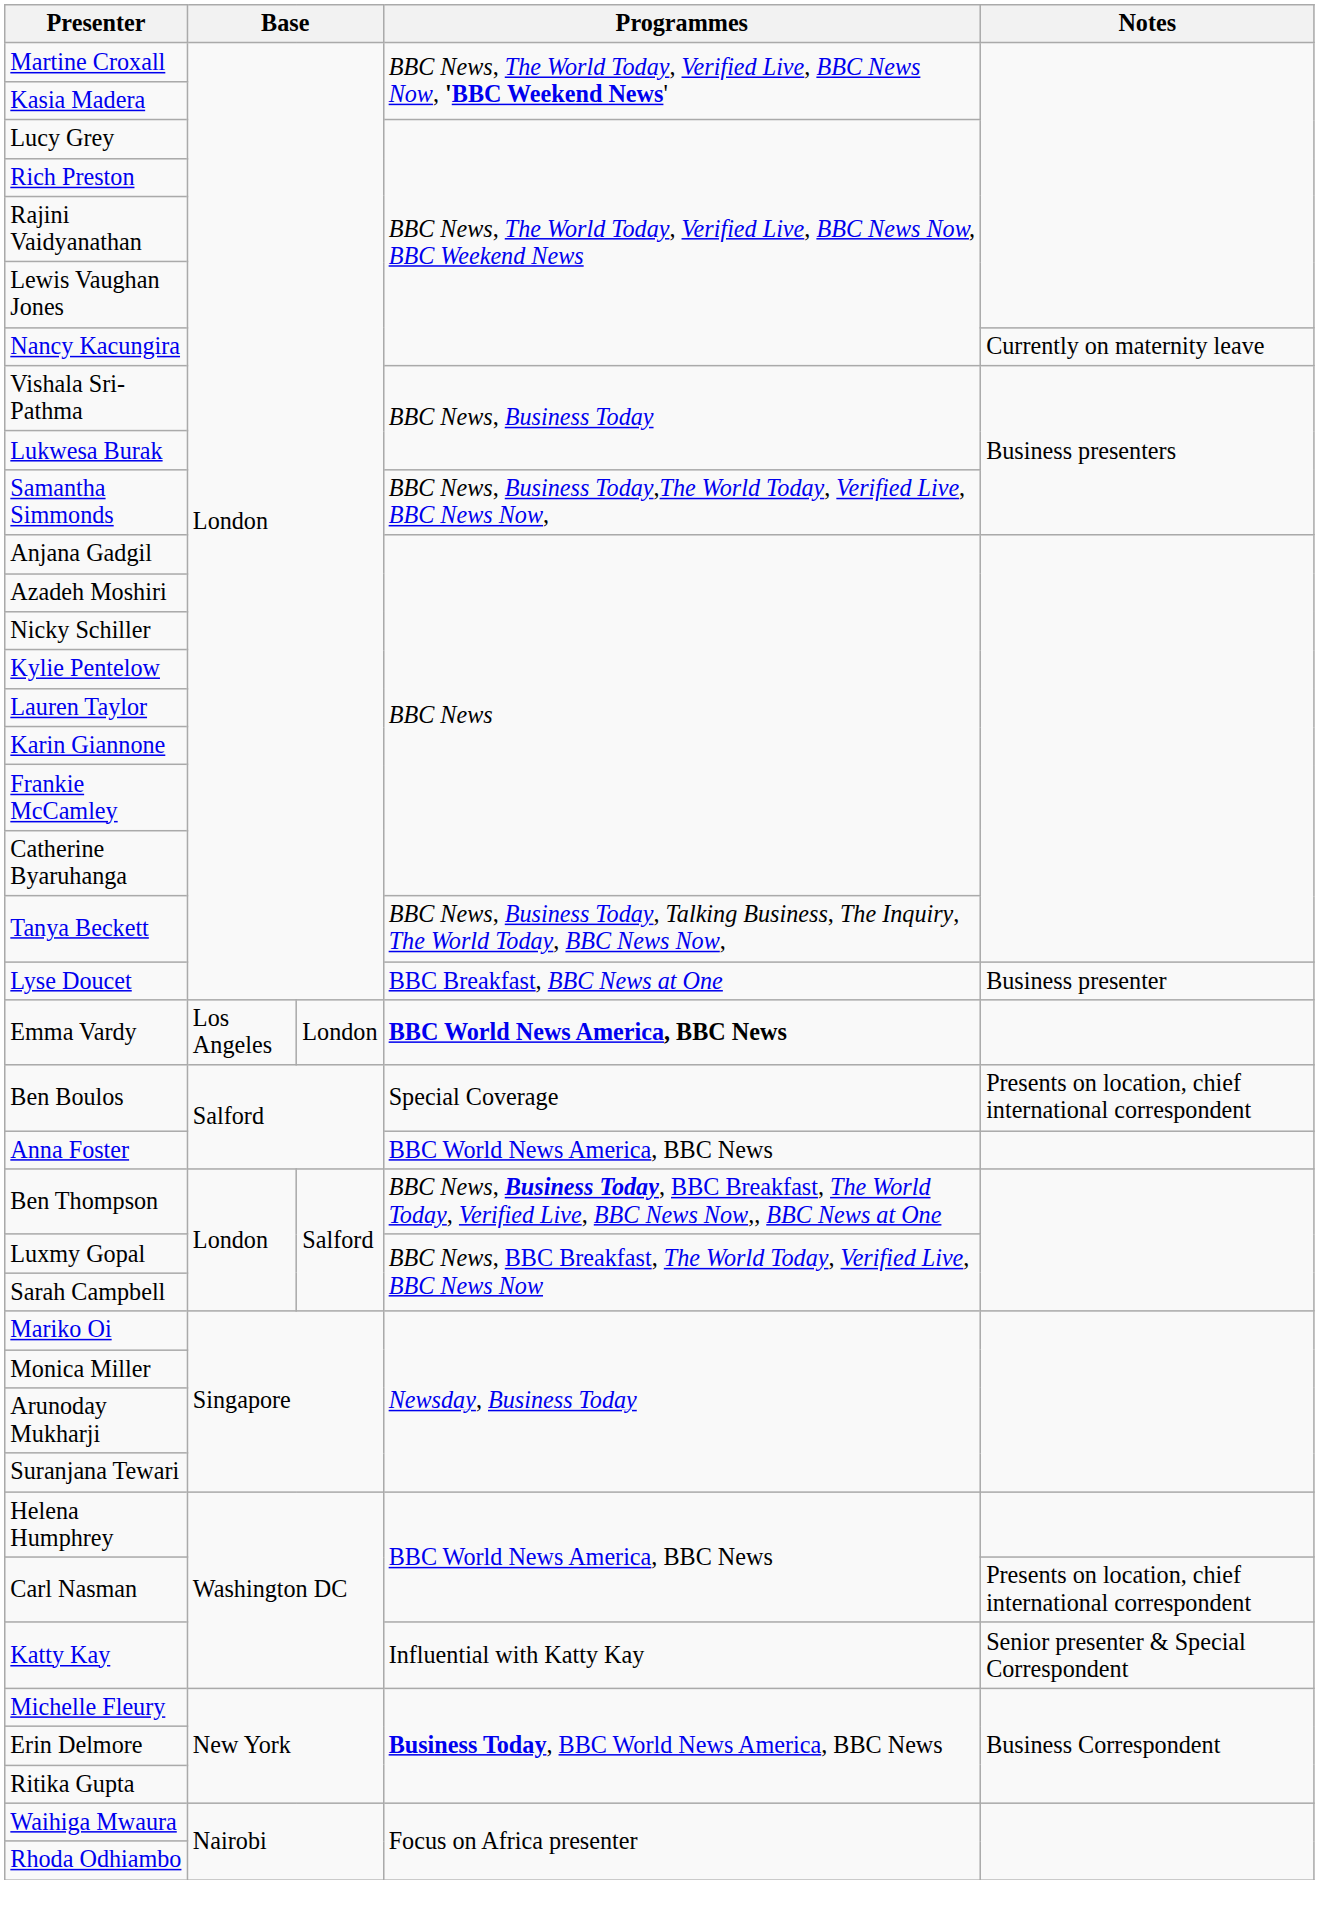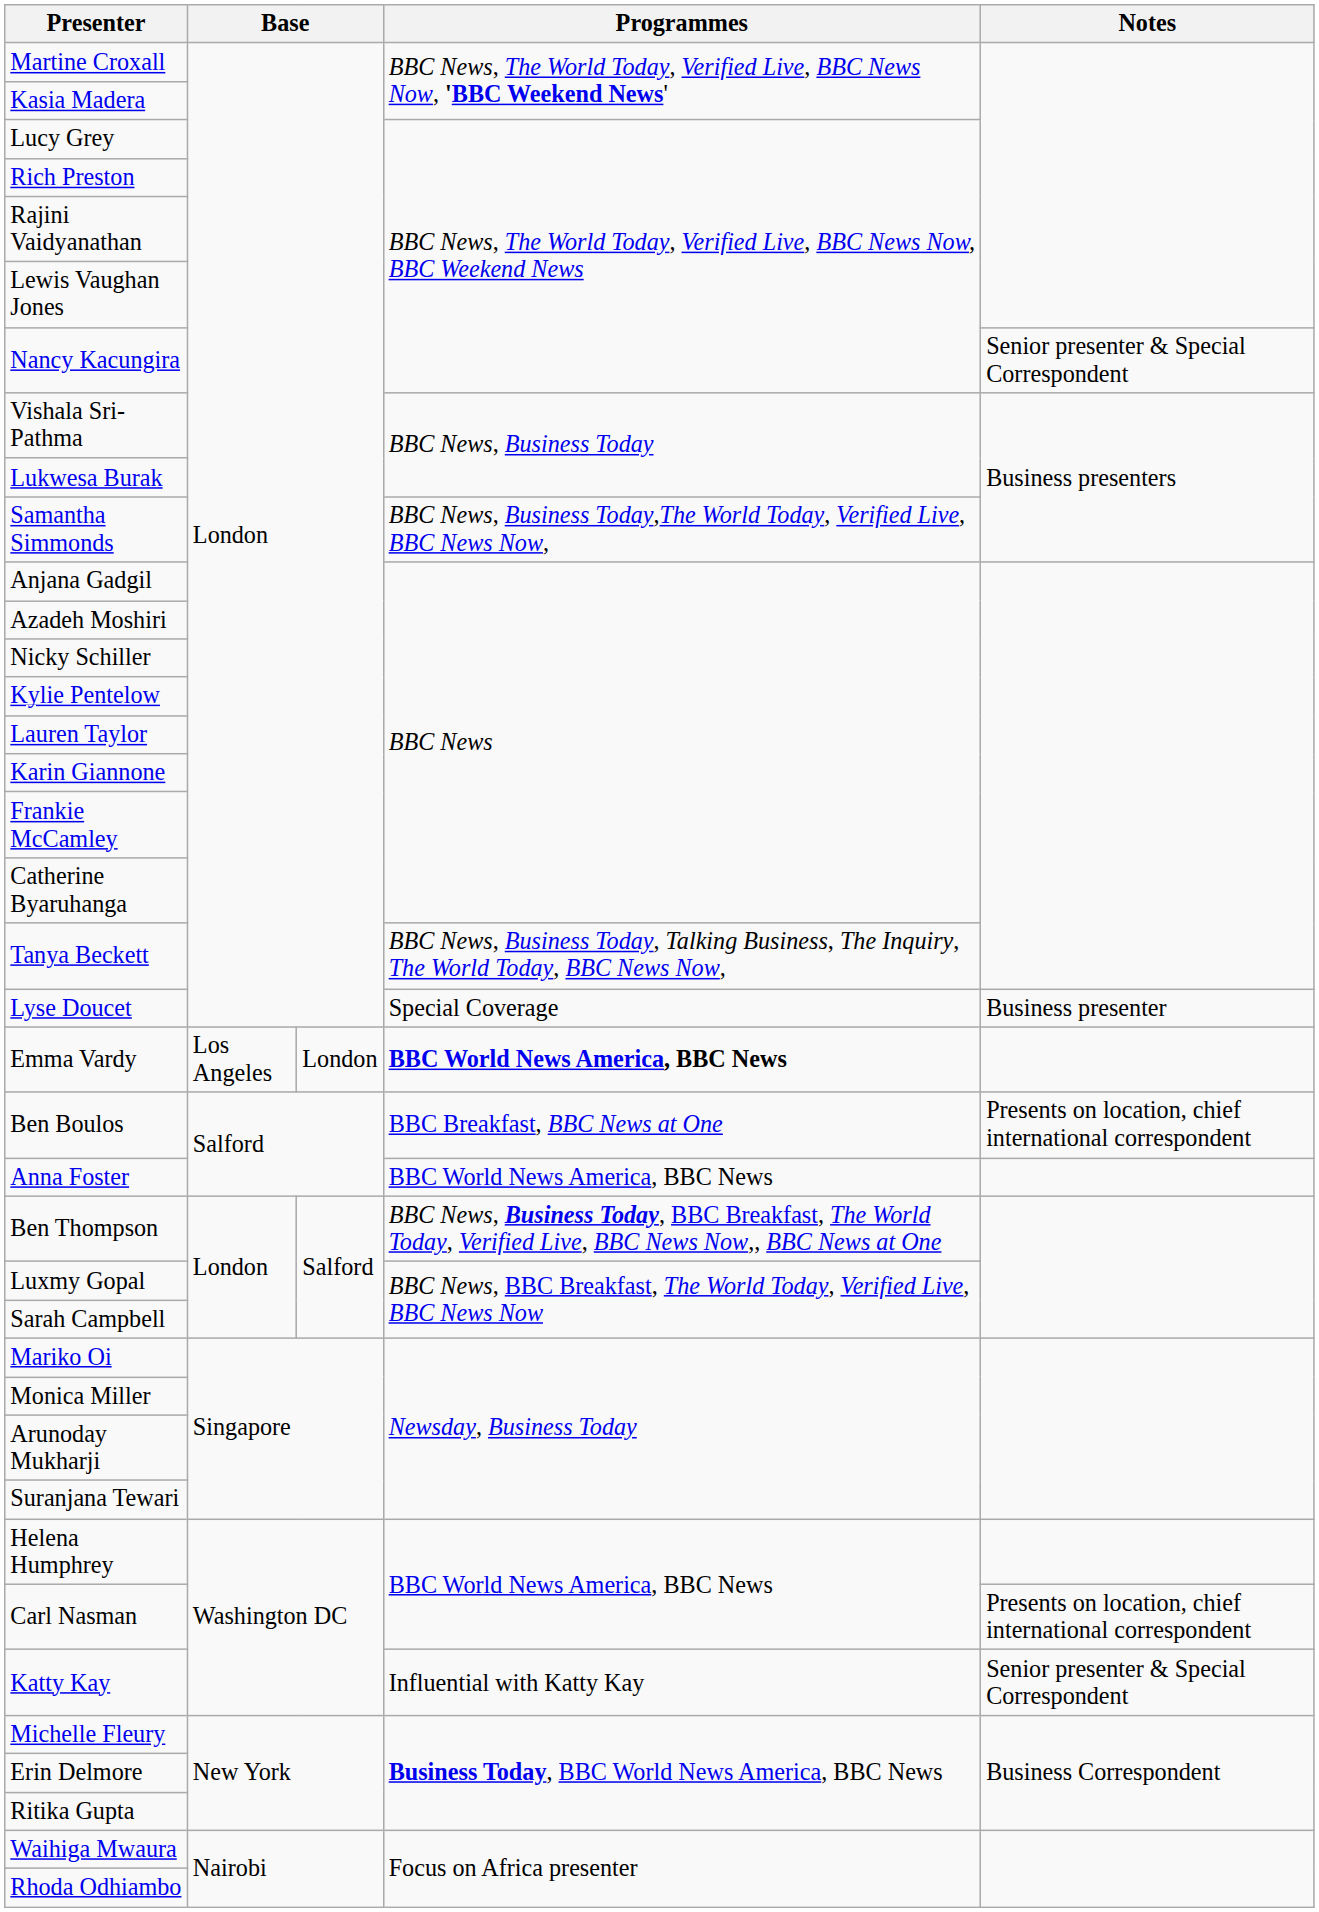 <table class="wikitable">
 <tr>
 <th>Presenter</th>
 <th colspan="2">Base</th>
 <th>Programmes</th>
 <th>Notes</th>
 </tr>
 <tr>
 <td><a href='#'>Martine Croxall</a></td>
 <td colspan="2" rowspan="20">London</td>
 <td rowspan="2"><em>BBC News</em>, <em><a href='#'>The World Today</a></em>, <em><a href='#'>Verified Live</a></em>, <em><a href='#'>BBC News Now</a></em>, <strong>'<a href='#'>BBC Weekend News</a></strong>'</td>
 <td rowspan="6"></td>
 </tr>
 <tr>
 <td><a href='#'>Kasia Madera</a></td>
 </tr>
 <tr>
 <td>Lucy Grey</td>
 <td rowspan="5"><em>BBC News</em>, <em><a href='#'>The World Today</a></em>, <em><a href='#'>Verified Live</a></em>, <em><a href='#'>BBC News Now</a>, <a href='#'>BBC Weekend News</a></em></td>
 </tr>
 <tr>
 <td><a href='#'>Rich Preston</a></td>
 </tr>
 <tr>
 <td>Rajini Vaidyanathan</td>
 </tr>
 <tr>
 <td>Lewis Vaughan Jones</td>
 </tr>
 <tr>
 <td><a href='#'>Nancy Kacungira</a></td>
-<td>Currently on maternity leave</td>
+<td>Senior presenter & Special Correspondent</td>
 </tr>
 <tr>
 <td>Vishala Sri-Pathma</td>
 <td rowspan="2"><em>BBC News</em>, <a href='#'><em>Business Today</em></a></td>
 <td rowspan="3">Business presenters</td>
 </tr>
 <tr>
 <td><a href='#'>Lukwesa Burak</a></td>
 </tr>
 <tr>
 <td><a href='#'>Samantha Simmonds</a></td>
 <td><em>BBC News</em>, <a href='#'><em>Business Today</em></a>,<em><a href='#'>The World Today</a></em>, <em><a href='#'>Verified Live</a></em>, <em><a href='#'>BBC News Now</a></em>,</td>
 </tr>
 <tr>
 <td>Anjana Gadgil</td>
 <td rowspan="8"><em>BBC News</em></td>
 <td rowspan="9"></td>
 </tr>
 <tr>
 <td>Azadeh Moshiri</td>
 </tr>
 <tr>
 <td>Nicky Schiller</td>
 </tr>
 <tr>
 <td><a href='#'>Kylie Pentelow</a></td>
 </tr>
 <tr>
 <td><a href='#'>Lauren Taylor</a></td>
 </tr>
 <tr>
 <td><a href='#'>Karin Giannone</a></td>
 </tr>
 <tr>
 <td><a href='#'>Frankie McCamley</a></td>
 </tr>
 <tr>
 <td>Catherine Byaruhanga</td>
 </tr>
 <tr>
 <td><a href='#'>Tanya Beckett</a></td>
 <td><em>BBC News</em>, <em><a href='#'>Business Today</a></em>, <em>Talking Business</em>, <em>The Inquiry</em>,  <em><a href='#'>The World Today</a></em>, <em><a href='#'>BBC News Now</a></em>,</td>
 </tr>
 <tr>
 <td><a href='#'>Lyse Doucet</a></td>
-<td><a href='#'>BBC Breakfast</a>, <em><a href='#'>BBC News at One</a></em></td>
+<td>Special Coverage</td>
 <td>Business presenter</td>
 </tr>
 <tr>
 <td>Emma Vardy</td>
 <td>Los Angeles</td>
 <td>London</td>
 <td><strong><a href='#'>BBC World News America</a>, BBC News</strong></td>
 </tr>
 <tr>
 <td>Ben Boulos</td>
 <td colspan="2" rowspan="2">Salford</td>
-<td>Special Coverage</td>
+<td><a href='#'>BBC Breakfast</a>, <em><a href='#'>BBC News at One</a></em></td>
 <td>Presents on location, chief international correspondent</td>
 </tr>
 <tr>
 <td><a href='#'>Anna Foster</a></td>
 <td><a href='#'>BBC World News America</a>, BBC News</td>
 <td></td>
 </tr>
 <tr>
 <td>Ben Thompson</td>
 <td rowspan="3">London</td>
 <td rowspan="3">Salford</td>
 <td><em>BBC News</em>, <strong><em><a href='#'>Business Today</a></em></strong>, <a href='#'>BBC Breakfast</a>, <em><a href='#'>The World Today</a></em>, <em><a href='#'>Verified Live</a></em>, <em><a href='#'>BBC News Now</a></em>,, <em><a href='#'>BBC News at One</a></em></td>
 <td rowspan="3"></td>
 </tr>
 <tr>
 <td>Luxmy Gopal</td>
 <td rowspan="2"><em>BBC News</em>,  <a href='#'>BBC Breakfast</a>, <em><a href='#'>The World Today</a></em>, <em><a href='#'>Verified Live</a></em>, <em><a href='#'>BBC News Now</a></em></td>
 </tr>
 <tr>
 <td>Sarah Campbell</td>
 </tr>
 <tr>
 <td><a href='#'>Mariko Oi</a></td>
 <td colspan="2" rowspan="4">Singapore</td>
 <td rowspan="4"><em><a href='#'>Newsday</a></em>, <em><a href='#'>Business Today</a></em></td>
 <td rowspan="4"></td>
 </tr>
 <tr>
 <td>Monica Miller</td>
 </tr>
 <tr>
 <td>Arunoday Mukharji</td>
 </tr>
 <tr>
 <td>Suranjana Tewari</td>
 </tr>
 <tr>
 <td>Helena Humphrey</td>
 <td colspan="2" rowspan="3">Washington DC</td>
 <td rowspan="2"><a href='#'>BBC World News America</a>, BBC News</td>
 <td></td>
 </tr>
 <tr>
 <td>Carl Nasman</td>
 <td>Presents on location, chief international correspondent</td>
 </tr>
 <tr>
 <td><a href='#'>Katty Kay</a></td>
 <td>Influential with Katty Kay</td>
 <td>Senior presenter & Special Correspondent</td>
 </tr>
 <tr>
 <td><a href='#'>Michelle Fleury</a></td>
 <td colspan="2" rowspan="3">New York</td>
 <td rowspan="3"><strong><a href='#'>Business Today</a></strong>, <a href='#'>BBC World News America</a>, BBC News</td>
 <td rowspan="3">Business Correspondent</td>
 </tr>
 <tr>
 <td>Erin Delmore</td>
 </tr>
 <tr>
 <td>Ritika Gupta</td>
 </tr>
 <tr>
 <td><a href='#'>Waihiga Mwaura</a></td>
 <td colspan="2" rowspan="2">Nairobi</td>
 <td rowspan="2">Focus on Africa presenter</td>
 </tr>
 <tr>
 <td><a href='#'>Rhoda Odhiambo</a></td>
 </tr>
 </table>
